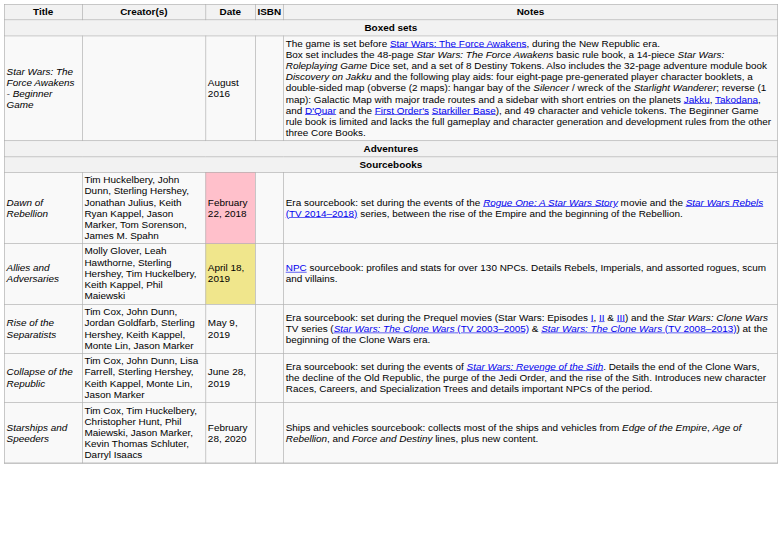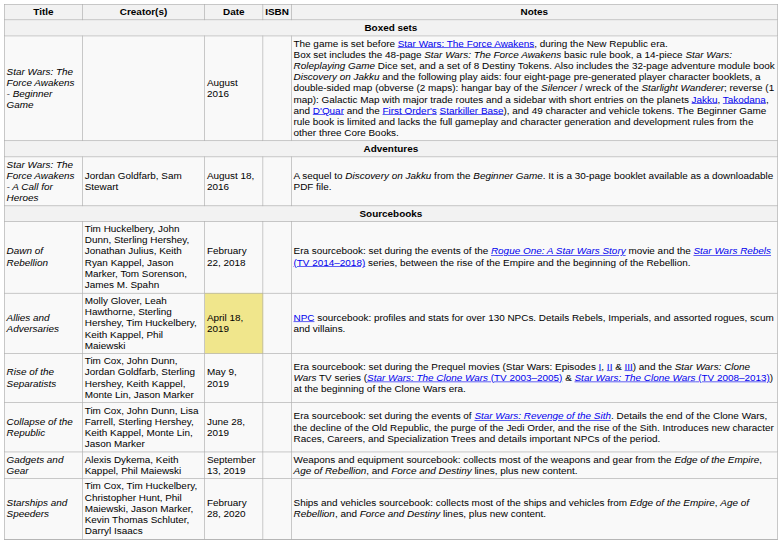 <table class="wikitable sortable" style="margins:auto">
 <tr>
 <th>Title</th>
 <th>Creator(s)</th>
 <th>Date</th>
 <th>ISBN</th>
 <th>Notes</th>
 </tr>
 <tr>
 <th colspan="5">Boxed sets</th>
 </tr>
 <tr>
 <td><em>Star Wars: The Force Awakens - Beginner Game</em></td>
 <td></td>
 <td>August 2016</td>
 <td></td>
 <td>The game is set before <a href='#'>Star Wars: The Force Awakens</a>, during the New Republic era. <br>Box set includes the 48-page <em>Star Wars: The Force Awakens</em> basic rule book, a 14-piece <em>Star Wars: Roleplaying Game</em> Dice set, and a set of 8 Destiny Tokens. Also includes the 32-page adventure module book <em>Discovery on Jakku</em> and the following play aids: four eight-page pre-generated player character booklets, a double-sided map (obverse (2 maps): hangar bay of the <em>Silencer</em> / wreck of the <em>Starlight Wanderer</em>; reverse (1 map): Galactic Map with major trade routes and a sidebar with short entries on the planets <a href='#'>Jakku</a>, <a href='#'>Takodana</a>, and <a href='#'>D'Quar</a> and the <a href='#'>First Order's</a> <a href='#'>Starkiller Base</a>), and 49 character and vehicle tokens. The Beginner Game rule book is limited and lacks the full gameplay and character generation and development rules from the other three Core Books.</td>
 </tr>
 <tr>
 <th colspan="5">Adventures</th>
 </tr>
 <tr>
+<td><em>Star Wars: The Force Awakens - A Call for Heroes</em></td>
+<td>Jordan Goldfarb, Sam Stewart</td>
+<td>August 18, 2016</td>
+<td></td>
+<td>A sequel to <em>Discovery on Jakku</em> from the <em>Beginner Game</em>. It is a 30-page booklet available as a downloadable PDF file.</td>
+</tr>
+<tr>
 <th colspan="5">Sourcebooks</th>
 </tr>
 <tr>
 <td><em>Dawn of Rebellion</em></td>
 <td>Tim Huckelbery, John Dunn, Sterling Hershey, Jonathan Julius, Keith Ryan Kappel, Jason Marker, Tom Sorenson, James M. Spahn</td>
-<td style="background: pink;">February 22, 2018</td>
+<td>February 22, 2018</td>
 <td></td>
 <td>Era sourcebook: set during the events of the <em><a href='#'>Rogue One: A Star Wars Story</a></em> movie and the <a href='#'><em>Star Wars Rebels</em> (TV 2014–2018)</a> series, between the rise of the Empire and the beginning of the Rebellion.</td>
 </tr>
 <tr>
 <td><em>Allies and Adversaries</em></td>
 <td>Molly Glover, Leah Hawthorne, Sterling Hershey, Tim Huckelbery, Keith Kappel, Phil Maiewski</td>
 <td style="background: khaki;">April 18, 2019</td>
 <td></td>
 <td><a href='#'>NPC</a> sourcebook: profiles and stats for over 130 NPCs. Details Rebels, Imperials, and assorted rogues, scum and villains.</td>
 </tr>
 <tr>
 <td><em>Rise of the Separatists</em></td>
 <td>Tim Cox, John Dunn, Jordan Goldfarb, Sterling Hershey, Keith Kappel, Monte Lin, Jason Marker</td>
 <td>May 9, 2019</td>
 <td></td>
 <td>Era sourcebook: set during the Prequel movies (Star Wars: Episodes <a href='#'>I</a>, <a href='#'>II</a> & <a href='#'>III</a>) and the <em>Star Wars: Clone Wars</em> TV series (<a href='#'><em>Star Wars: The Clone Wars</em> (TV 2003–2005)</a> & <a href='#'><em>Star Wars: The Clone Wars</em> (TV 2008–2013)</a>) at the beginning of the Clone Wars era.</td>
 </tr>
 <tr>
 <td><em>Collapse of the Republic</em></td>
 <td>Tim Cox, John Dunn, Lisa Farrell, Sterling Hershey, Keith Kappel, Monte Lin, Jason Marker</td>
 <td>June 28, 2019</td>
 <td></td>
 <td>Era sourcebook: set during the events of <a href='#'><em>Star Wars: Revenge of the Sith</em></a>. Details the end of the Clone Wars, the decline of the Old Republic, the purge of the Jedi Order, and the rise of the Sith. Introduces new character Races, Careers, and Specialization Trees and details important NPCs of the period.</td>
 </tr>
 <tr>
+<td><em>Gadgets and Gear</em></td>
+<td>Alexis Dykema, Keith Kappel, Phil Maiewski</td>
+<td>September 13, 2019</td>
+<td></td>
+<td>Weapons and equipment sourcebook: collects most of the weapons and gear from the <em>Edge of the Empire</em>, <em>Age of Rebellion</em>, and <em>Force and Destiny</em> lines, plus new content.</td>
+</tr>
+<tr>
 <td><em>Starships and Speeders</em></td>
 <td>Tim Cox, Tim Huckelbery, Christopher Hunt, Phil Maiewski, Jason Marker, Kevin Thomas Schluter, Darryl Isaacs</td>
 <td>February 28, 2020</td>
 <td></td>
 <td>Ships and vehicles sourcebook: collects most of the ships and vehicles from <em>Edge of the Empire</em>, <em>Age of Rebellion</em>, and <em>Force and Destiny</em> lines, plus new content.</td>
 </tr>
 <tr>
 </tr>
 </table>
